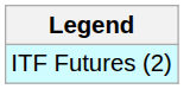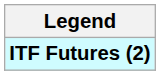 <table class=wikitable style=font-size:97%>
 <tr>
 <th>Legend</th>
 </tr>
 <tr bgcolor=cffcff>
-<td>ITF Futures (2)</td>
+<td><strong>ITF Futures (2)</strong></td>
 </tr>
 </table>
